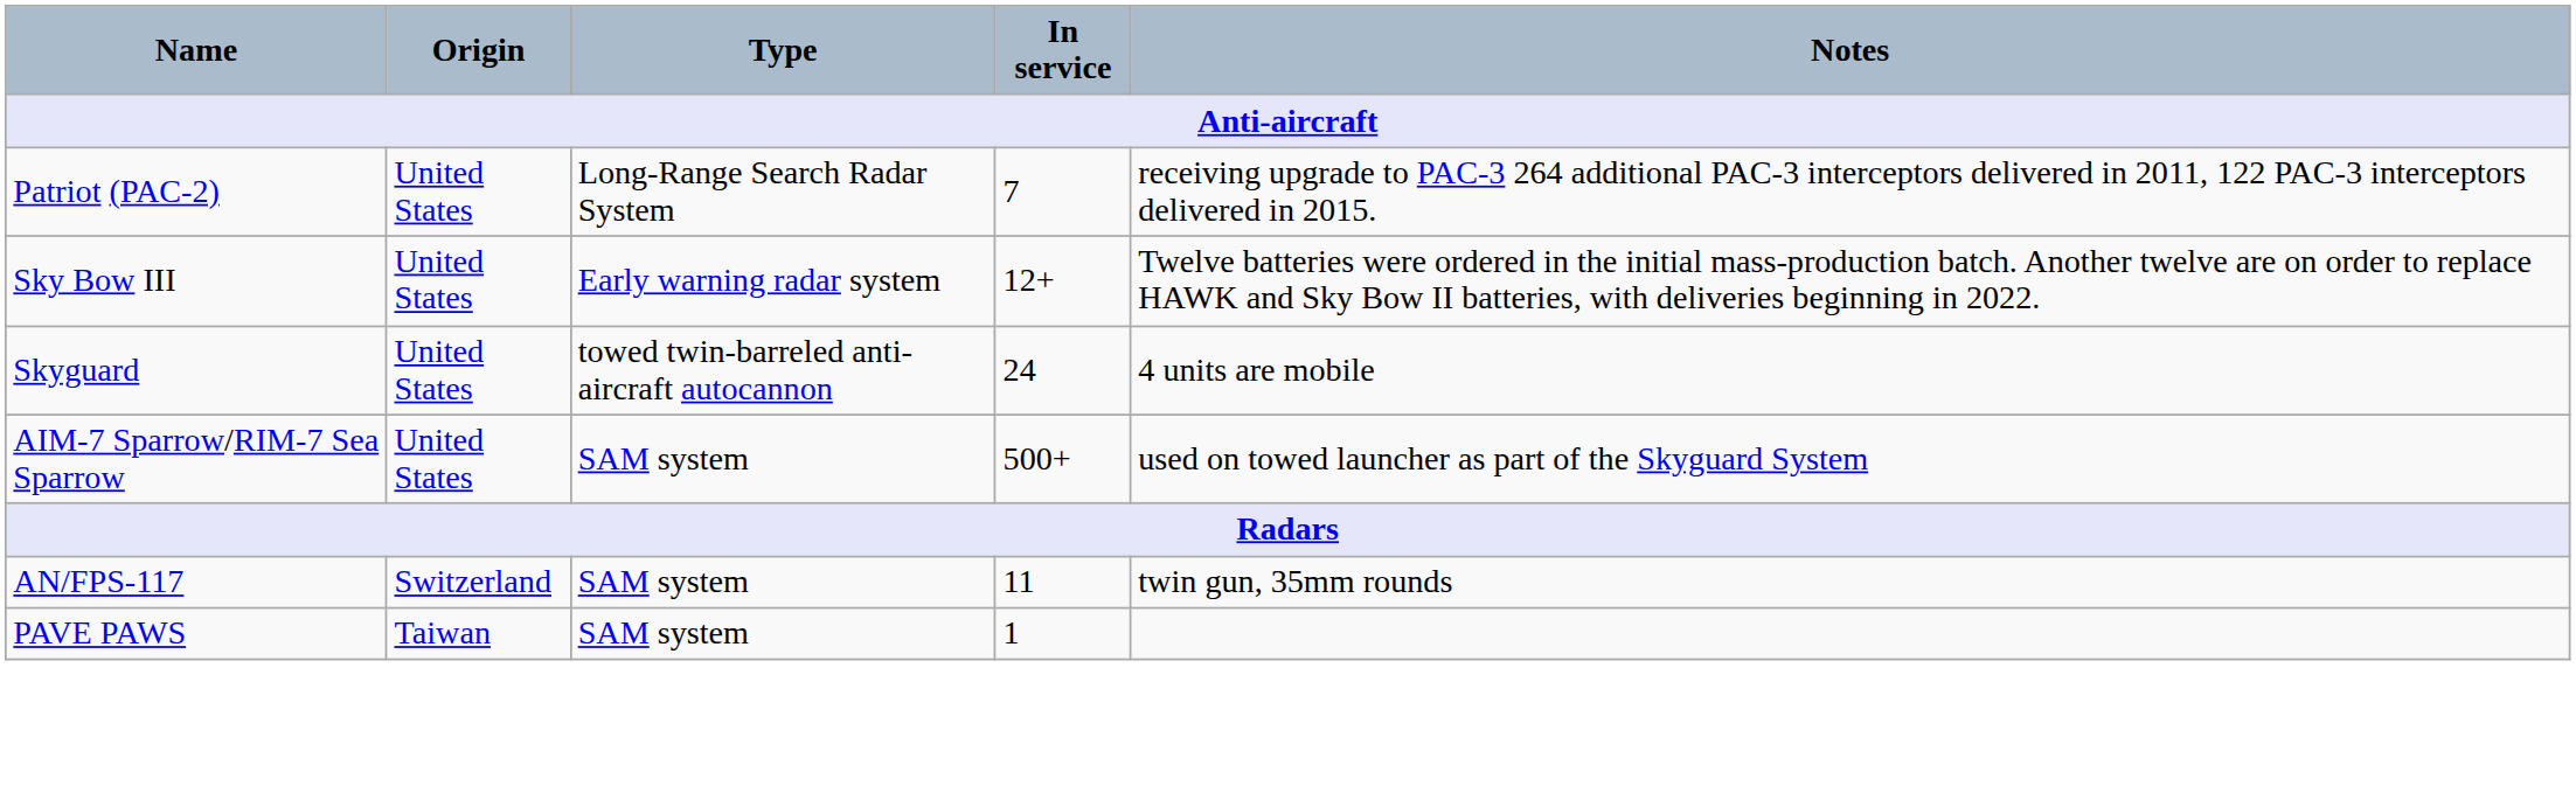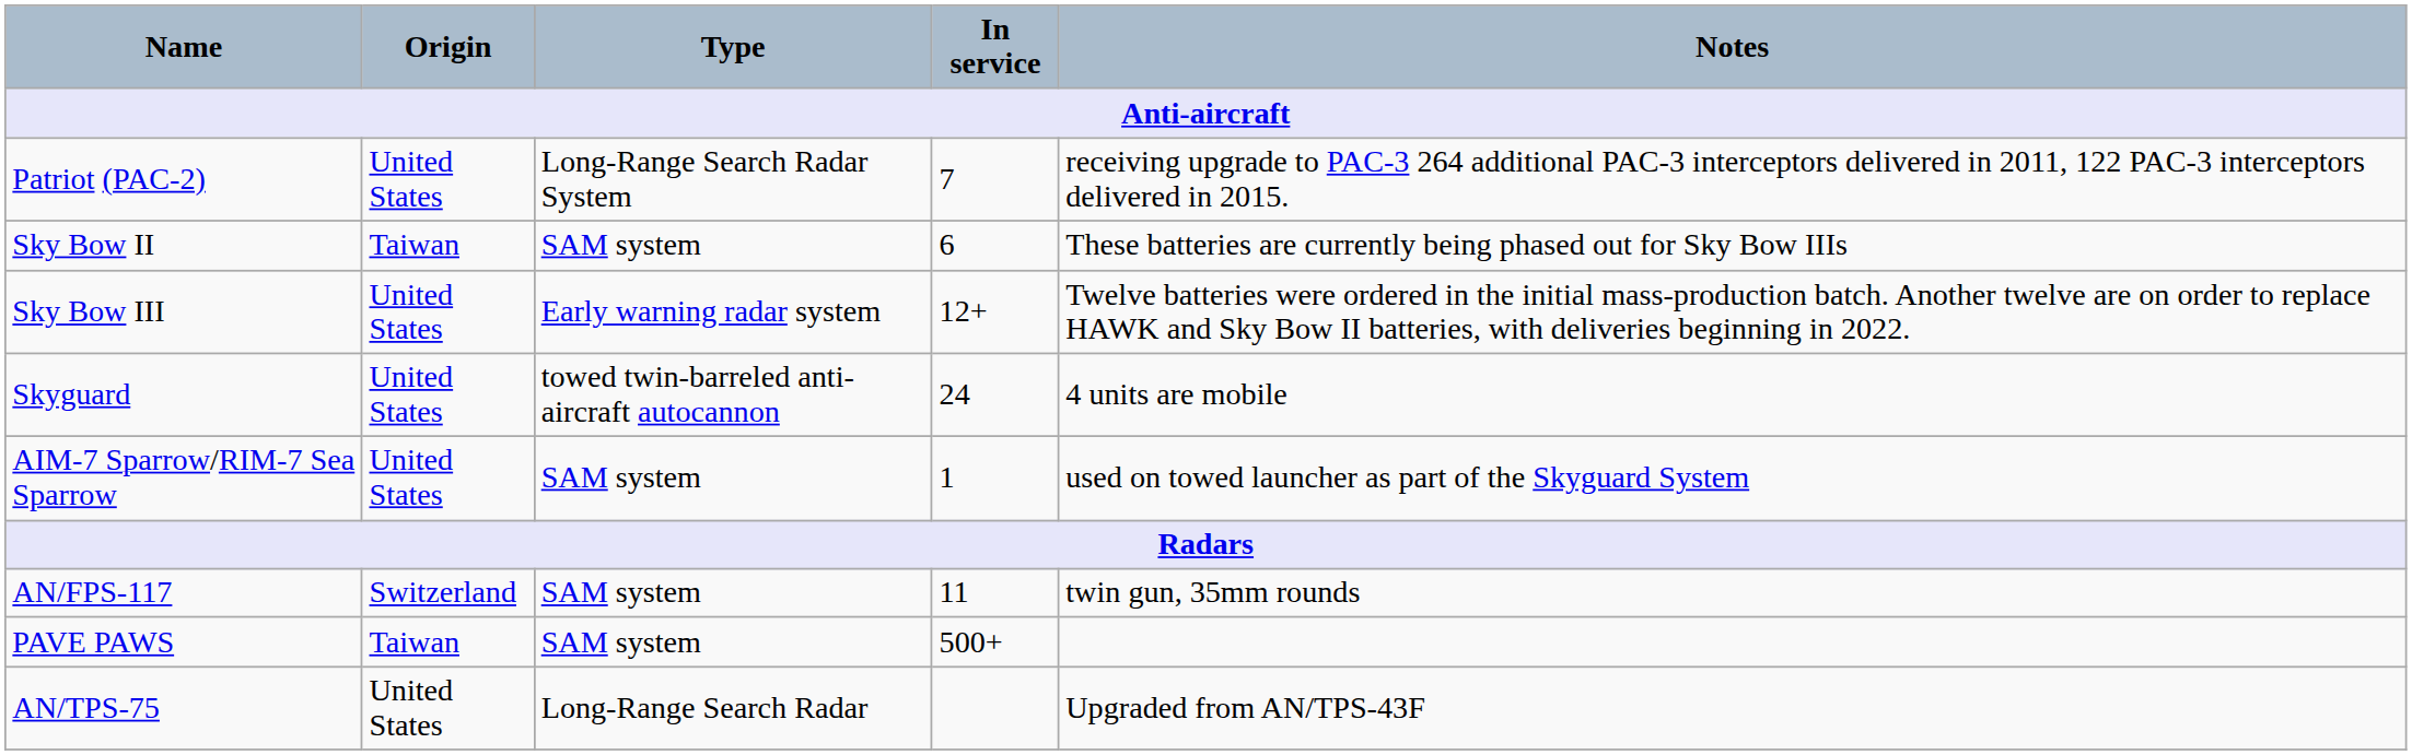 <table class="wikitable">
 <tr>
 <th style="text-align:center; background:#aabccc;">Name</th>
 <th style="text-align: center; background:#aabccc;">Origin</th>
 <th style="text-align:l center; background:#aabccc;">Type</th>
 <th style="text-align:l center; background:#aabccc;">In service</th>
 <th style="text-align: center; background:#aabccc;">Notes</th>
 </tr>
 <tr>
 <th colspan="5" style="align: center; background: lavender;"><a href='#'>Anti-aircraft</a></th>
 </tr>
 <tr>
 <td><a href='#'>Patriot</a> <a href='#'>(PAC-2)</a></td>
 <td><a href='#'>United States</a></td>
 <td>Long-Range Search Radar System</td>
 <td>7</td>
 <td>receiving upgrade to <a href='#'>PAC-3</a> 264 additional PAC-3 interceptors delivered in 2011, 122 PAC-3 interceptors delivered in 2015.</td>
 </tr>
 <tr>
+<td><a href='#'>Sky Bow</a> II</td>
+<td><a href='#'>Taiwan</a></td>
+<td><a href='#'>SAM</a> system</td>
+<td>6</td>
+<td>These batteries are currently being phased out for Sky Bow IIIs</td>
+</tr>
+<tr>
 <td><a href='#'>Sky Bow</a> III</td>
 <td><a href='#'>United States</a></td>
 <td><a href='#'>Early warning radar</a> system</td>
 <td>12+</td>
 <td>Twelve batteries were ordered in the initial mass-production batch. Another twelve are on order to replace HAWK and Sky Bow II batteries, with deliveries beginning in 2022.</td>
 </tr>
 <tr>
 <td><a href='#'>Skyguard</a></td>
 <td><a href='#'>United States</a></td>
 <td>towed twin-barreled anti-aircraft <a href='#'>autocannon</a></td>
 <td>24</td>
 <td>4 units are mobile</td>
 </tr>
 <tr>
 <td><a href='#'>AIM-7 Sparrow</a>/<a href='#'>RIM-7 Sea Sparrow</a></td>
 <td><a href='#'>United States</a></td>
 <td><a href='#'>SAM</a> system</td>
-<td>500+</td>
+<td>1</td>
 <td>used on towed launcher as part of the <a href='#'>Skyguard System</a></td>
 </tr>
 <tr>
 <th colspan="5" style="align: center; background: lavender;"><a href='#'>Radars</a></th>
 </tr>
 <tr>
 <td><a href='#'>AN/FPS-117</a></td>
 <td><a href='#'>Switzerland</a></td>
 <td><a href='#'>SAM</a> system</td>
 <td>11</td>
 <td>twin gun, 35mm rounds</td>
 </tr>
 <tr>
 <td><a href='#'>PAVE PAWS</a></td>
 <td><a href='#'>Taiwan</a></td>
 <td><a href='#'>SAM</a> system</td>
-<td>1</td>
+<td>500+</td>
 <td></td>
 </tr>
+<tr>
+<td><a href='#'>AN/TPS-75</a></td>
+<td>United States</td>
+<td>Long-Range Search Radar</td>
+<td></td>
+<td>Upgraded from AN/TPS-43F</td>
+</tr>
 </table>
